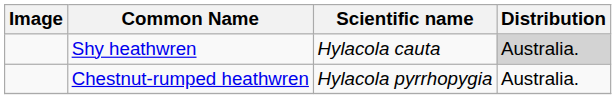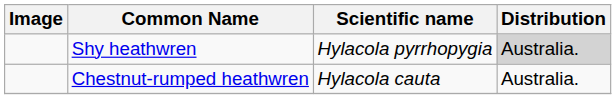 <table class="wikitable ">
 <tr>
 <th>Image</th>
 <th>Common Name</th>
 <th>Scientific name</th>
 <th>Distribution</th>
 </tr>
 <tr>
 <td></td>
 <td><a href='#'>Shy heathwren</a></td>
-<td><em>Hylacola cauta</em></td>
+<td><em>Hylacola pyrrhopygia</em></td>
 <td style="background: lightgrey;">Australia.</td>
 </tr>
 <tr>
 <td></td>
 <td><a href='#'>Chestnut-rumped heathwren</a></td>
-<td><em>Hylacola pyrrhopygia</em></td>
+<td><em>Hylacola cauta</em></td>
 <td>Australia.</td>
 </tr>
 <tr>
 </tr>
 </table>
